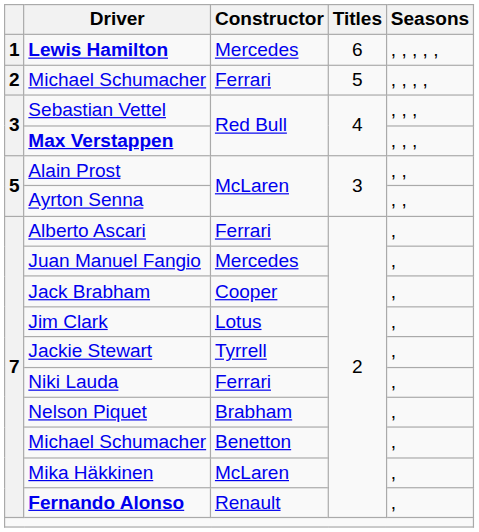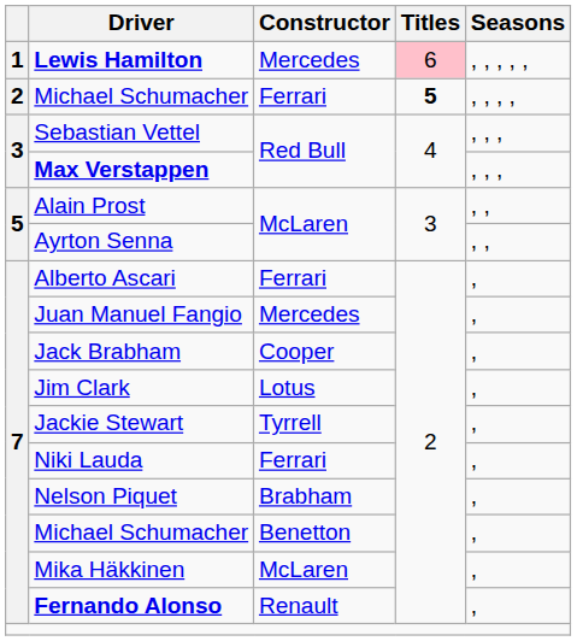 <table class="wikitable">
 <tr>
 <th></th>
 <th>Driver</th>
 <th>Constructor</th>
 <th>Titles</th>
 <th>Seasons</th>
 </tr>
 <tr>
 <th>1</th>
 <td> <strong><a href='#'>Lewis Hamilton</a></strong></td>
 <td><a href='#'>Mercedes</a></td>
-<td align="center">6</td>
+<td align="center" style="background: pink;">6</td>
 <td>, , , , , </td>
 </tr>
 <tr>
 <th>2</th>
 <td> <a href='#'>Michael Schumacher</a></td>
 <td><a href='#'>Ferrari</a></td>
-<td align="center">5</td>
+<td align="center"><strong>5</strong></td>
 <td>, , , , </td>
 </tr>
 <tr>
 <th rowspan="2">3</th>
 <td> <a href='#'>Sebastian Vettel</a></td>
 <td rowspan="2"><a href='#'>Red Bull</a></td>
 <td rowspan="2" align="center">4</td>
 <td>, , , </td>
 </tr>
 <tr>
 <td> <strong><a href='#'>Max Verstappen</a></strong></td>
 <td>, , , </td>
 </tr>
 <tr>
 <th rowspan="2">5</th>
 <td> <a href='#'>Alain Prost</a></td>
 <td rowspan="2"><a href='#'>McLaren</a></td>
 <td align="center" rowspan="2">3</td>
 <td>, , </td>
 </tr>
 <tr>
 <td> <a href='#'>Ayrton Senna</a></td>
 <td>, , </td>
 </tr>
 <tr>
 <th rowspan="10">7</th>
 <td> <a href='#'>Alberto Ascari</a></td>
 <td><a href='#'>Ferrari</a></td>
 <td align="center" rowspan="10">2</td>
 <td>, </td>
 </tr>
 <tr>
 <td> <a href='#'>Juan Manuel Fangio</a></td>
 <td><a href='#'>Mercedes</a></td>
 <td>, </td>
 </tr>
 <tr>
 <td> <a href='#'>Jack Brabham</a></td>
 <td><a href='#'>Cooper</a></td>
 <td>, </td>
 </tr>
 <tr>
 <td> <a href='#'>Jim Clark</a></td>
 <td><a href='#'>Lotus</a></td>
 <td>, </td>
 </tr>
 <tr>
 <td> <a href='#'>Jackie Stewart</a></td>
 <td><a href='#'>Tyrrell</a></td>
 <td>, </td>
 </tr>
 <tr>
 <td> <a href='#'>Niki Lauda</a></td>
 <td><a href='#'>Ferrari</a></td>
 <td>, </td>
 </tr>
 <tr>
 <td> <a href='#'>Nelson Piquet</a></td>
 <td><a href='#'>Brabham</a></td>
 <td>, </td>
 </tr>
 <tr>
 <td> <a href='#'>Michael Schumacher</a></td>
 <td><a href='#'>Benetton</a></td>
 <td>, </td>
 </tr>
 <tr>
 <td> <a href='#'>Mika Häkkinen</a></td>
 <td><a href='#'>McLaren</a></td>
 <td>, </td>
 </tr>
 <tr>
 <td> <strong><a href='#'>Fernando Alonso</a></strong></td>
 <td><a href='#'>Renault</a></td>
 <td>, </td>
 </tr>
 <tr>
 <td colspan=5></td>
 </tr>
 </table>
